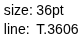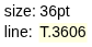 <table style="margin-left:40px;">
 <tr>
 <td>size:</td>
 <td>36pt</td>
 </tr>
 <tr>
 <td>line:</td>
-<td>T.3606</td>
+<td style="background: lightyellow;">T.3606</td>
 </tr>
 </table>
